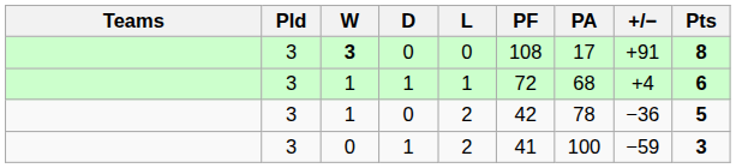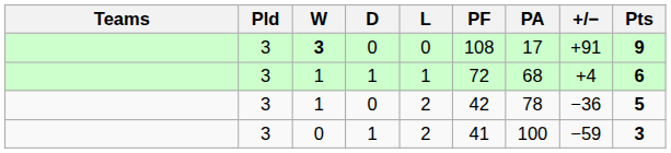 <table class="wikitable" style="text-align: center;">
 <tr>
 <th width="200">Teams</th>
 <th width="40">Pld</th>
 <th width="40">W</th>
 <th width="40">D</th>
 <th width="40">L</th>
 <th width="40">PF</th>
 <th width="40">PA</th>
 <th width="40">+/−</th>
 <th width="40">Pts</th>
 </tr>
 <tr bgcolor=#ccffcc>
 <td align=left></td>
 <td>3</td>
 <td><strong>3</strong></td>
 <td>0</td>
 <td>0</td>
 <td>108</td>
 <td>17</td>
 <td>+91</td>
-<td><strong>8</strong></td>
+<td><strong>9</strong></td>
 </tr>
 <tr bgcolor=#ccffcc>
 <td align=left></td>
 <td>3</td>
 <td>1</td>
 <td>1</td>
 <td>1</td>
 <td>72</td>
 <td>68</td>
 <td>+4</td>
 <td><strong>6</strong></td>
 </tr>
 <tr>
 <td align=left></td>
 <td>3</td>
 <td>1</td>
 <td>0</td>
 <td>2</td>
 <td>42</td>
 <td>78</td>
 <td>−36</td>
 <td><strong>5</strong></td>
 </tr>
 <tr>
 <td align=left></td>
 <td>3</td>
 <td>0</td>
 <td>1</td>
 <td>2</td>
 <td>41</td>
 <td>100</td>
 <td>−59</td>
 <td><strong>3</strong></td>
 </tr>
 </table>
